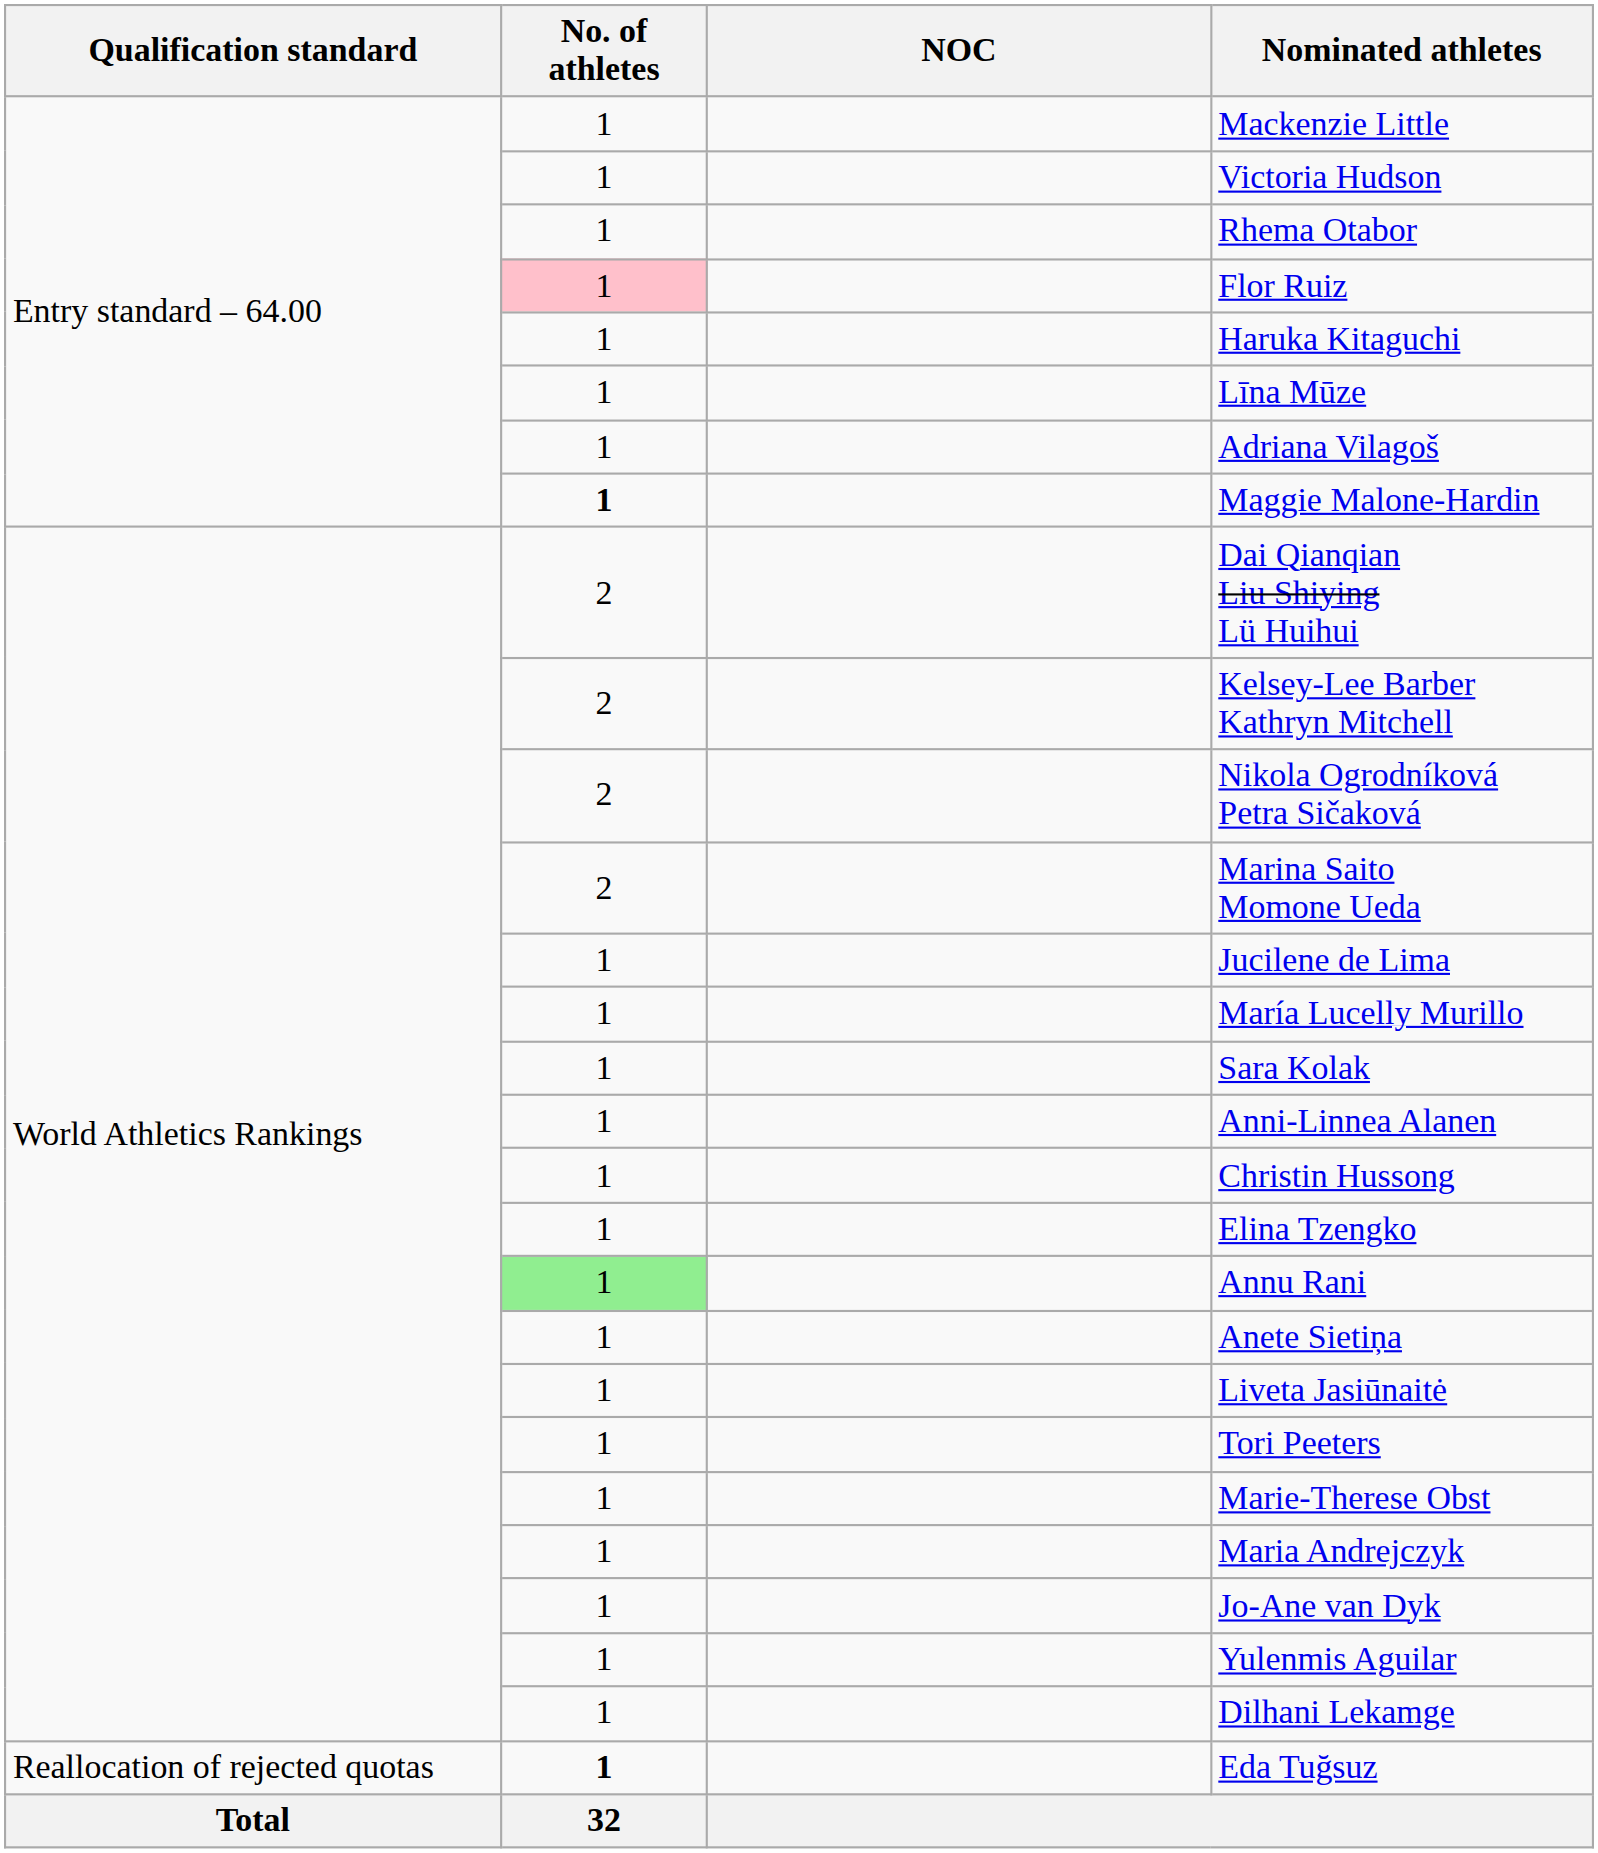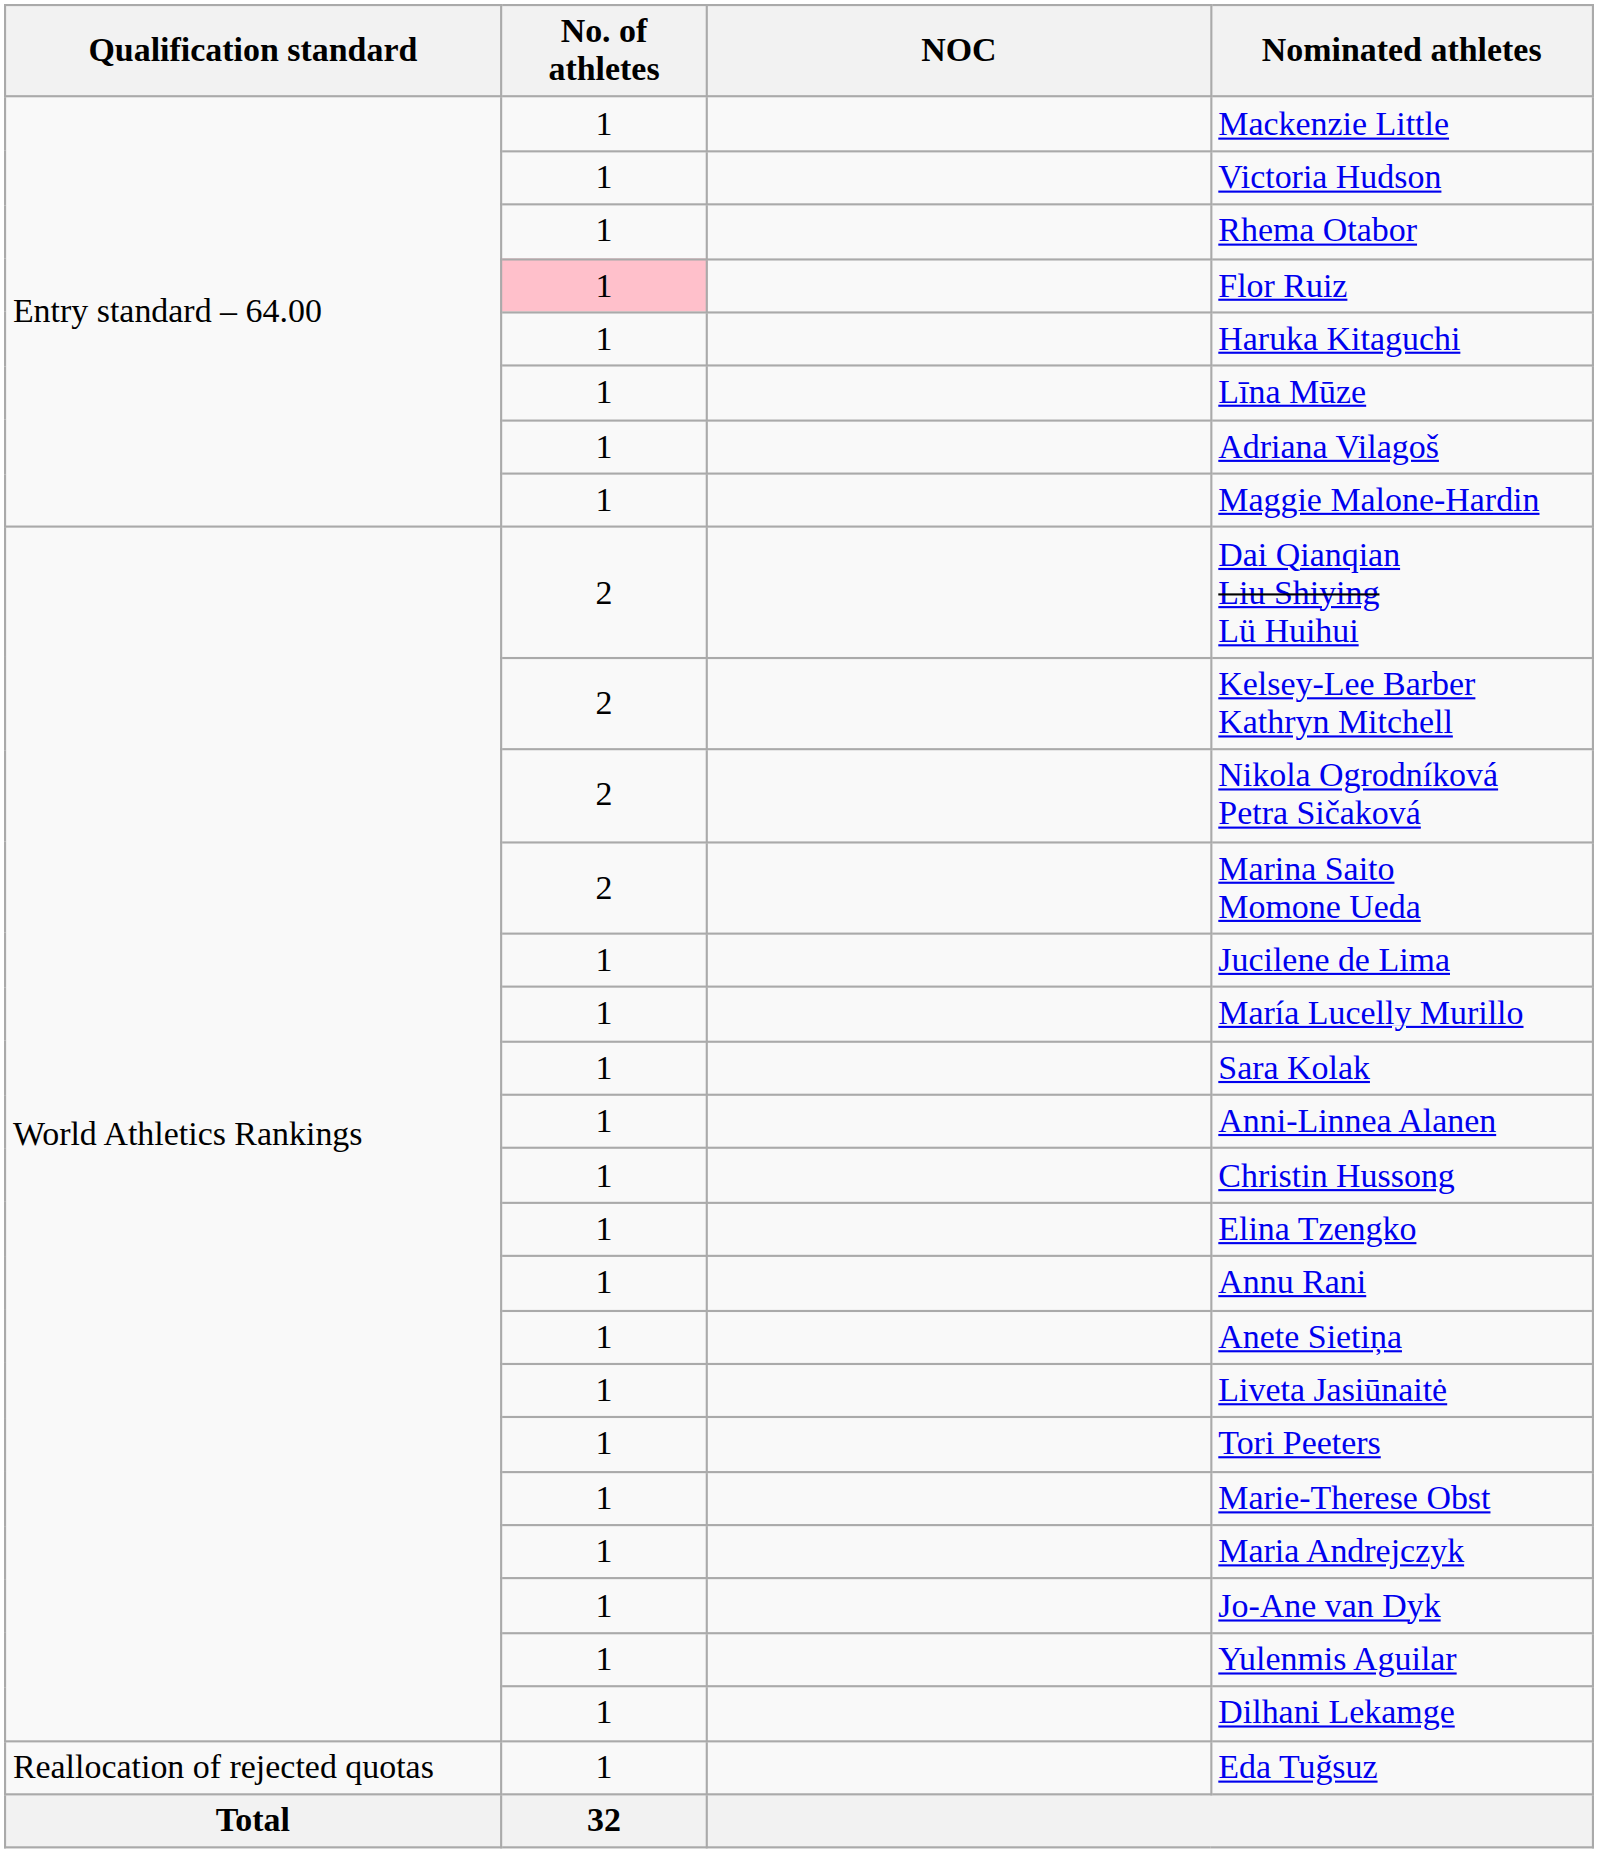 <table class="wikitable sortable" style="text-align:left; width:750px;">
 <tr>
 <th>Qualification standard</th>
 <th width=90>No. of athletes</th>
 <th width=230>NOC</th>
 <th>Nominated athletes</th>
 </tr>
 <tr>
 <td rowspan=8>Entry standard – 64.00</td>
 <td align=center>1</td>
 <td></td>
 <td><a href='#'>Mackenzie Little</a></td>
 </tr>
 <tr>
 <td align=center>1</td>
 <td></td>
 <td><a href='#'>Victoria Hudson</a></td>
 </tr>
 <tr>
 <td align=center>1</td>
 <td></td>
 <td><a href='#'>Rhema Otabor</a></td>
 </tr>
 <tr>
 <td align=center style="background: pink;">1</td>
 <td></td>
 <td><a href='#'>Flor Ruiz</a></td>
 </tr>
 <tr>
 <td align=center>1</td>
 <td></td>
 <td><a href='#'>Haruka Kitaguchi</a></td>
 </tr>
 <tr>
 <td align=center>1</td>
 <td></td>
 <td><a href='#'>Līna Mūze</a></td>
 </tr>
 <tr>
 <td align=center>1</td>
 <td></td>
 <td><a href='#'>Adriana Vilagoš</a></td>
 </tr>
 <tr>
-<td align=center><strong>1</strong></td>
+<td align=center>1</td>
 <td></td>
 <td><a href='#'>Maggie Malone-Hardin</a></td>
 </tr>
 <tr>
 <td rowspan=19>World Athletics Rankings</td>
 <td align=center>2</td>
 <td></td>
 <td><a href='#'>Dai Qianqian</a><br><s><a href='#'>Liu Shiying</a></s><br><a href='#'>Lü Huihui</a></td>
 </tr>
 <tr>
 <td align=center>2</td>
 <td></td>
 <td><a href='#'>Kelsey-Lee Barber</a><br><a href='#'>Kathryn Mitchell</a></td>
 </tr>
 <tr>
 <td align=center>2</td>
 <td></td>
 <td><a href='#'>Nikola Ogrodníková</a><br><a href='#'>Petra Sičaková</a></td>
 </tr>
 <tr>
 <td align=center>2</td>
 <td></td>
 <td><a href='#'>Marina Saito</a><br><a href='#'>Momone Ueda</a></td>
 </tr>
 <tr>
 <td align=center>1</td>
 <td></td>
 <td><a href='#'>Jucilene de Lima</a></td>
 </tr>
 <tr>
 <td align=center>1</td>
 <td></td>
 <td><a href='#'>María Lucelly Murillo</a></td>
 </tr>
 <tr>
 <td align=center>1</td>
 <td></td>
 <td><a href='#'>Sara Kolak</a></td>
 </tr>
 <tr>
 <td align=center>1</td>
 <td></td>
 <td><a href='#'>Anni-Linnea Alanen</a></td>
 </tr>
 <tr>
 <td align=center>1</td>
 <td></td>
 <td><a href='#'>Christin Hussong</a></td>
 </tr>
 <tr>
 <td align=center>1</td>
 <td></td>
 <td><a href='#'>Elina Tzengko</a></td>
 </tr>
 <tr>
-<td align=center style="background: lightgreen;">1</td>
+<td align=center>1</td>
 <td></td>
 <td><a href='#'>Annu Rani</a></td>
 </tr>
 <tr>
 <td align=center>1</td>
 <td></td>
 <td><a href='#'>Anete Sietiņa</a></td>
 </tr>
 <tr>
 <td align=center>1</td>
 <td></td>
 <td><a href='#'>Liveta Jasiūnaitė</a></td>
 </tr>
 <tr>
 <td align=center>1</td>
 <td></td>
 <td><a href='#'>Tori Peeters</a></td>
 </tr>
 <tr>
 <td align=center>1</td>
 <td></td>
 <td><a href='#'>Marie-Therese Obst</a></td>
 </tr>
 <tr>
 <td align=center>1</td>
 <td></td>
 <td><a href='#'>Maria Andrejczyk</a></td>
 </tr>
 <tr>
 <td align=center>1</td>
 <td></td>
 <td><a href='#'>Jo-Ane van Dyk</a></td>
 </tr>
 <tr>
 <td align=center>1</td>
 <td></td>
 <td><a href='#'>Yulenmis Aguilar</a></td>
 </tr>
 <tr>
 <td align=center>1</td>
 <td></td>
 <td><a href='#'>Dilhani Lekamge</a></td>
 </tr>
 <tr>
 <td>Reallocation of rejected quotas</td>
-<td align=center><strong>1</strong></td>
+<td align=center>1</td>
 <td></td>
 <td><a href='#'>Eda Tuğsuz</a></td>
 </tr>
 <tr>
 <th>Total</th>
 <th>32</th>
 <th colspan=2></th>
 </tr>
 </table>
